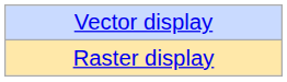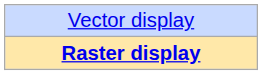 <table class="wikitable" style="width:200px;">
 <tr style="background:#c9daff; text-align:center;">
 <td><a href='#'>Vector display</a></td>
 </tr>
 <tr style="background:#ffe8a9; text-align:center;">
-<td><a href='#'>Raster display</a></td>
+<td><strong><a href='#'>Raster display</a></strong></td>
 </tr>
 </table>
